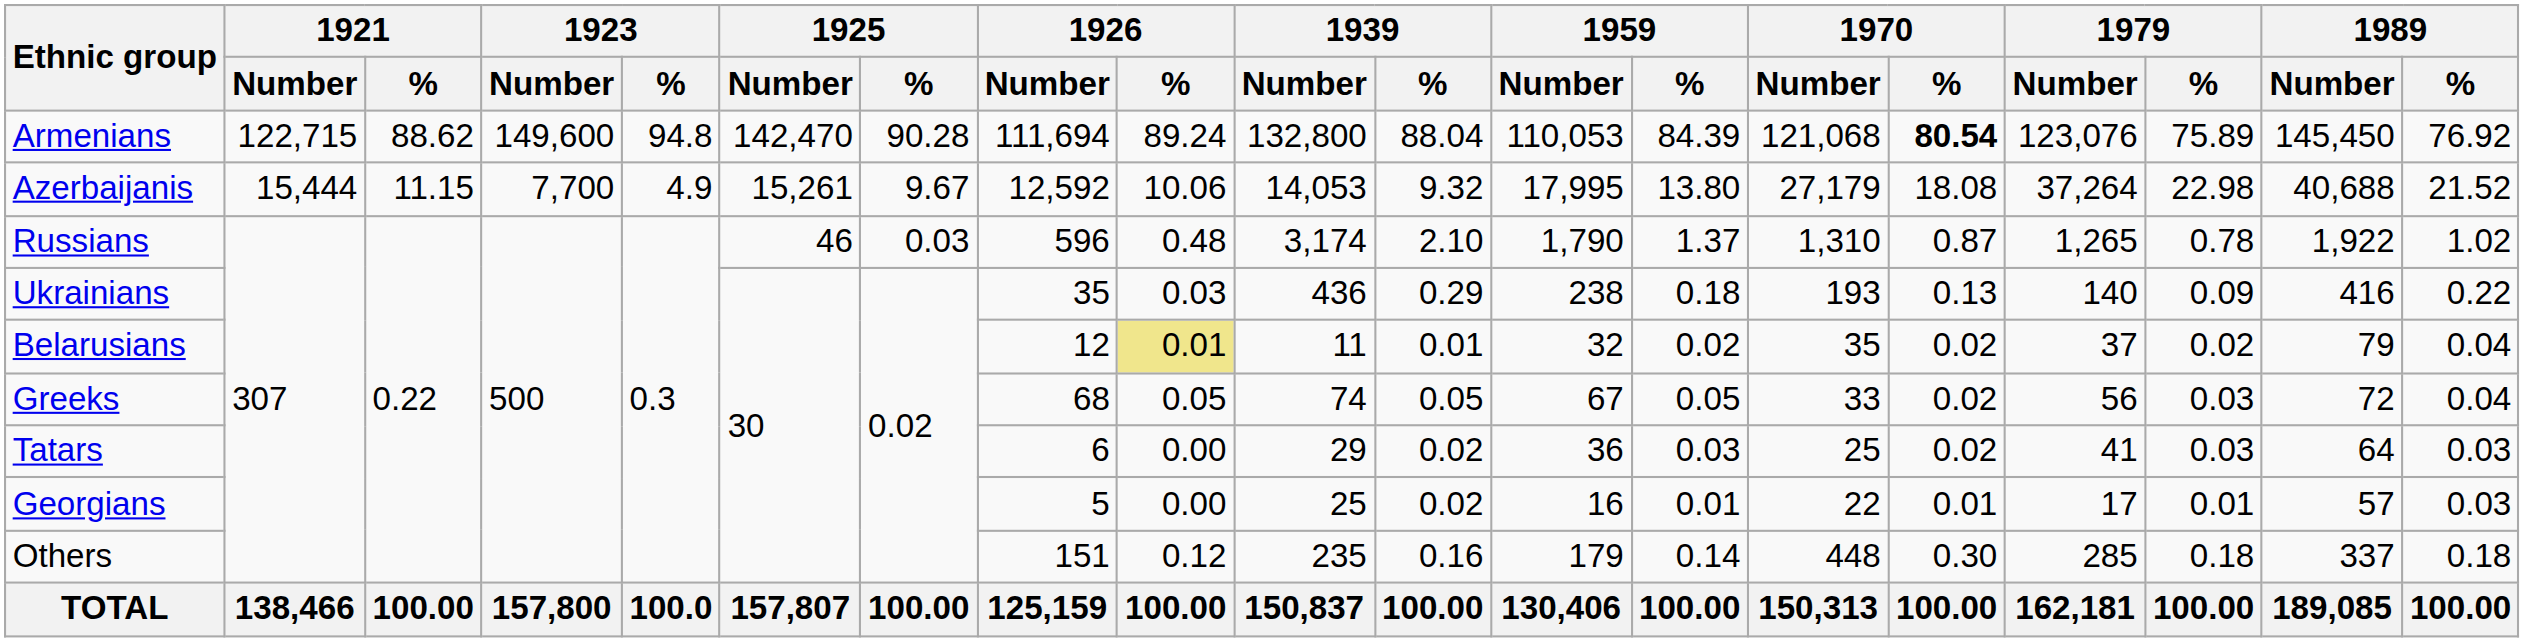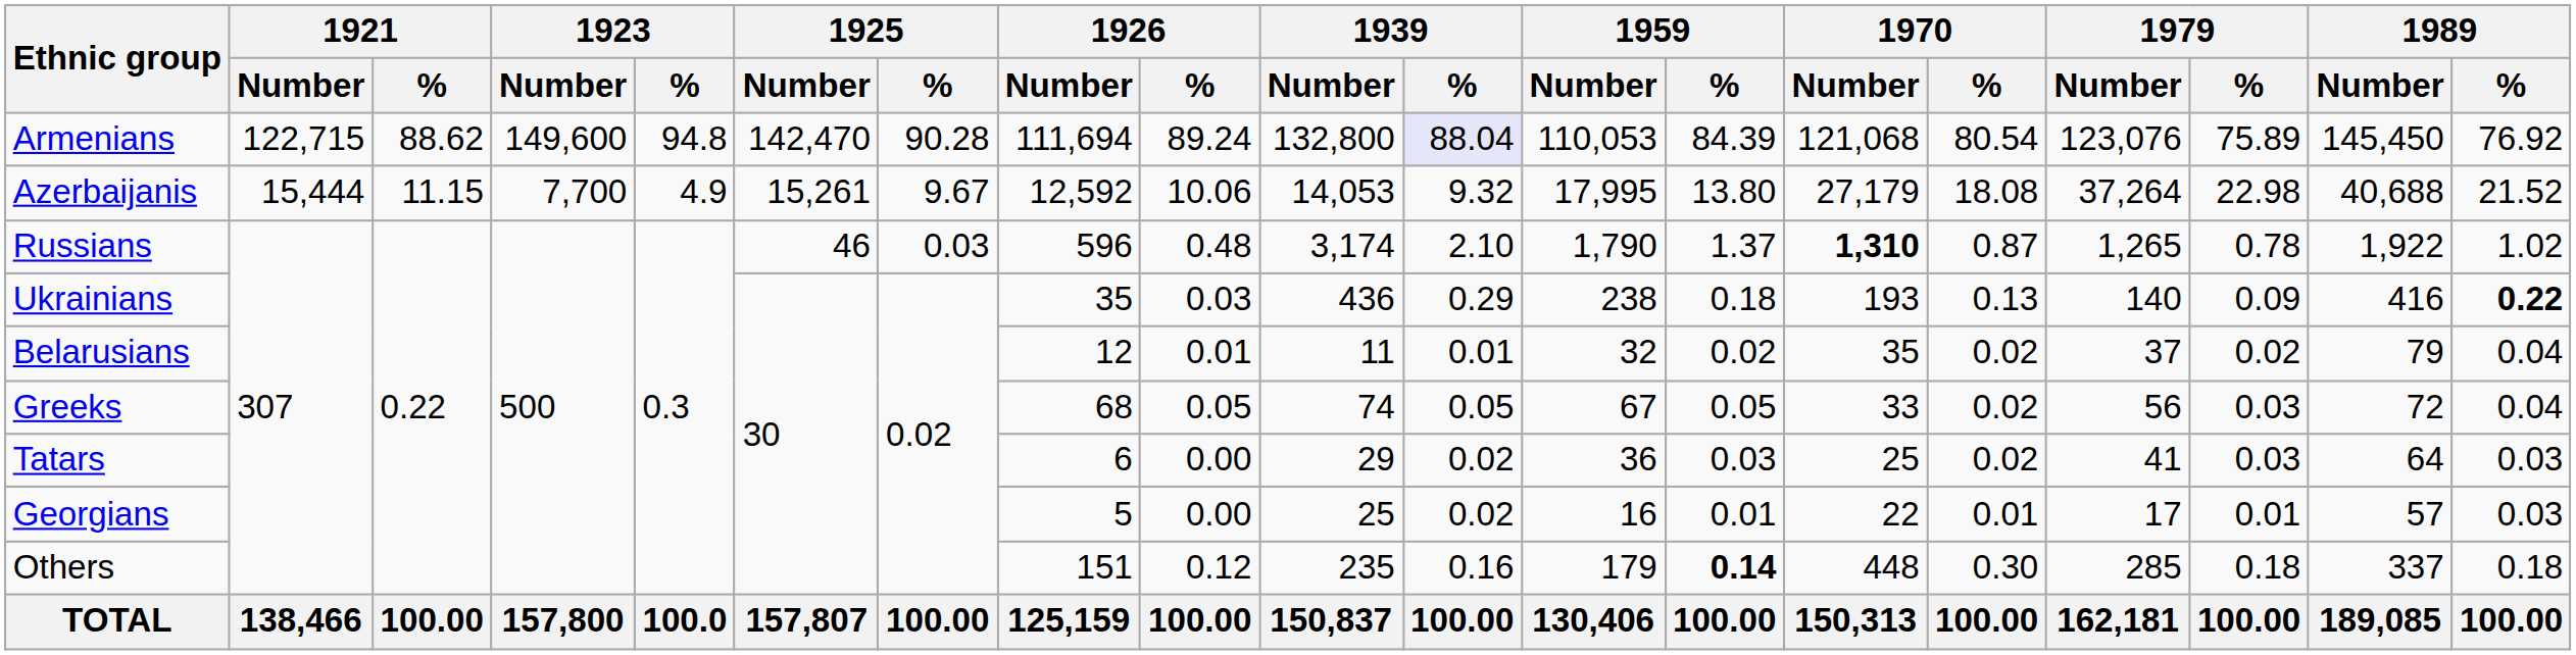 <table class="wikitable">
 <tr>
 <th rowspan="2">Ethnic group</th>
 <th colspan="2">1921</th>
 <th colspan="2">1923</th>
 <th colspan="2">1925</th>
 <th colspan="2">1926</th>
 <th colspan="2">1939</th>
 <th colspan="2">1959</th>
 <th colspan="2">1970</th>
 <th colspan="2">1979</th>
 <th colspan="2">1989</th>
 </tr>
 <tr>
 <th>Number</th>
 <th>%</th>
 <th>Number</th>
 <th>%</th>
 <th>Number</th>
 <th>%</th>
 <th>Number</th>
 <th>%</th>
 <th>Number</th>
 <th>%</th>
 <th>Number</th>
 <th>%</th>
 <th>Number</th>
 <th>%</th>
 <th>Number</th>
 <th>%</th>
 <th>Number</th>
 <th>%</th>
 </tr>
 <tr>
 <td><a href='#'>Armenians</a></td>
 <td align="right">122,715</td>
 <td align="right">88.62</td>
 <td align="right">149,600</td>
 <td align="right">94.8</td>
 <td align="right">142,470</td>
 <td align="right">90.28</td>
 <td align="right">111,694</td>
 <td align="right">89.24</td>
 <td align="right">132,800</td>
-<td align="right">88.04</td>
+<td align="right" style="background: lavender;">88.04</td>
 <td align="right">110,053</td>
 <td align="right">84.39</td>
 <td align="right">121,068</td>
-<td align="right"><strong>80.54</strong></td>
+<td align="right">80.54</td>
 <td align="right">123,076</td>
 <td align="right">75.89</td>
 <td align="right">145,450</td>
 <td align="right">76.92</td>
 </tr>
 <tr>
 <td><a href='#'>Azerbaijanis</a></td>
 <td align="right">15,444</td>
 <td align="right">11.15</td>
 <td align="right">7,700</td>
 <td align="right">4.9</td>
 <td align="right">15,261</td>
 <td align="right">9.67</td>
 <td align="right">12,592</td>
 <td align="right">10.06</td>
 <td align="right">14,053</td>
 <td align="right">9.32</td>
 <td align="right">17,995</td>
 <td align="right">13.80</td>
 <td align="right">27,179</td>
 <td align="right">18.08</td>
 <td align="right">37,264</td>
 <td align="right">22.98</td>
 <td align="right">40,688</td>
 <td align="right">21.52</td>
 </tr>
 <tr>
 <td><a href='#'>Russians</a></td>
 <td rowspan="7">307</td>
 <td rowspan="7">0.22</td>
 <td rowspan="7">500</td>
 <td rowspan="7">0.3</td>
 <td align="right">46</td>
 <td align="right">0.03</td>
 <td align="right">596</td>
 <td align="right">0.48</td>
 <td align="right">3,174</td>
 <td align="right">2.10</td>
 <td align="right">1,790</td>
 <td align="right">1.37</td>
-<td align="right">1,310</td>
+<td align="right"><strong>1,310</strong></td>
 <td align="right">0.87</td>
 <td align="right">1,265</td>
 <td align="right">0.78</td>
 <td align="right">1,922</td>
 <td align="right">1.02</td>
 </tr>
 <tr>
 <td><a href='#'>Ukrainians</a></td>
 <td rowspan="6">30</td>
 <td rowspan="6">0.02</td>
 <td align="right">35</td>
 <td align="right">0.03</td>
 <td align="right">436</td>
 <td align="right">0.29</td>
 <td align="right">238</td>
 <td align="right">0.18</td>
 <td align="right">193</td>
 <td align="right">0.13</td>
 <td align="right">140</td>
 <td align="right">0.09</td>
 <td align="right">416</td>
-<td align="right">0.22</td>
+<td align="right"><strong>0.22</strong></td>
 </tr>
 <tr>
 <td><a href='#'>Belarusians</a></td>
 <td align="right">12</td>
-<td align="right" style="background: khaki;">0.01</td>
+<td align="right">0.01</td>
 <td align="right">11</td>
 <td align="right">0.01</td>
 <td align="right">32</td>
 <td align="right">0.02</td>
 <td align="right">35</td>
 <td align="right">0.02</td>
 <td align="right">37</td>
 <td align="right">0.02</td>
 <td align="right">79</td>
 <td align="right">0.04</td>
 </tr>
 <tr>
 <td><a href='#'>Greeks</a></td>
 <td align="right">68</td>
 <td align="right">0.05</td>
 <td align="right">74</td>
 <td align="right">0.05</td>
 <td align="right">67</td>
 <td align="right">0.05</td>
 <td align="right">33</td>
 <td align="right">0.02</td>
 <td align="right">56</td>
 <td align="right">0.03</td>
 <td align="right">72</td>
 <td align="right">0.04</td>
 </tr>
 <tr>
 <td><a href='#'>Tatars</a></td>
 <td align="right">6</td>
 <td align="right">0.00</td>
 <td align="right">29</td>
 <td align="right">0.02</td>
 <td align="right">36</td>
 <td align="right">0.03</td>
 <td align="right">25</td>
 <td align="right">0.02</td>
 <td align="right">41</td>
 <td align="right">0.03</td>
 <td align="right">64</td>
 <td align="right">0.03</td>
 </tr>
 <tr>
 <td><a href='#'>Georgians</a></td>
 <td align="right">5</td>
 <td align="right">0.00</td>
 <td align="right">25</td>
 <td align="right">0.02</td>
 <td align="right">16</td>
 <td align="right">0.01</td>
 <td align="right">22</td>
 <td align="right">0.01</td>
 <td align="right">17</td>
 <td align="right">0.01</td>
 <td align="right">57</td>
 <td align="right">0.03</td>
 </tr>
 <tr>
 <td>Others</td>
 <td align="right">151</td>
 <td align="right">0.12</td>
 <td align="right">235</td>
 <td align="right">0.16</td>
 <td align="right">179</td>
-<td align="right">0.14</td>
+<td align="right"><strong>0.14</strong></td>
 <td align="right">448</td>
 <td align="right">0.30</td>
 <td align="right">285</td>
 <td align="right">0.18</td>
 <td align="right">337</td>
 <td align="right">0.18</td>
 </tr>
 <tr>
 <th>TOTAL</th>
 <th>138,466</th>
 <th>100.00</th>
 <th>157,800</th>
 <th>100.0</th>
 <th>157,807</th>
 <th>100.00</th>
 <th>125,159</th>
 <th>100.00</th>
 <th>150,837</th>
 <th>100.00</th>
 <th>130,406</th>
 <th>100.00</th>
 <th>150,313</th>
 <th>100.00</th>
 <th>162,181</th>
 <th>100.00</th>
 <th>189,085</th>
 <th>100.00</th>
 </tr>
 </table>
